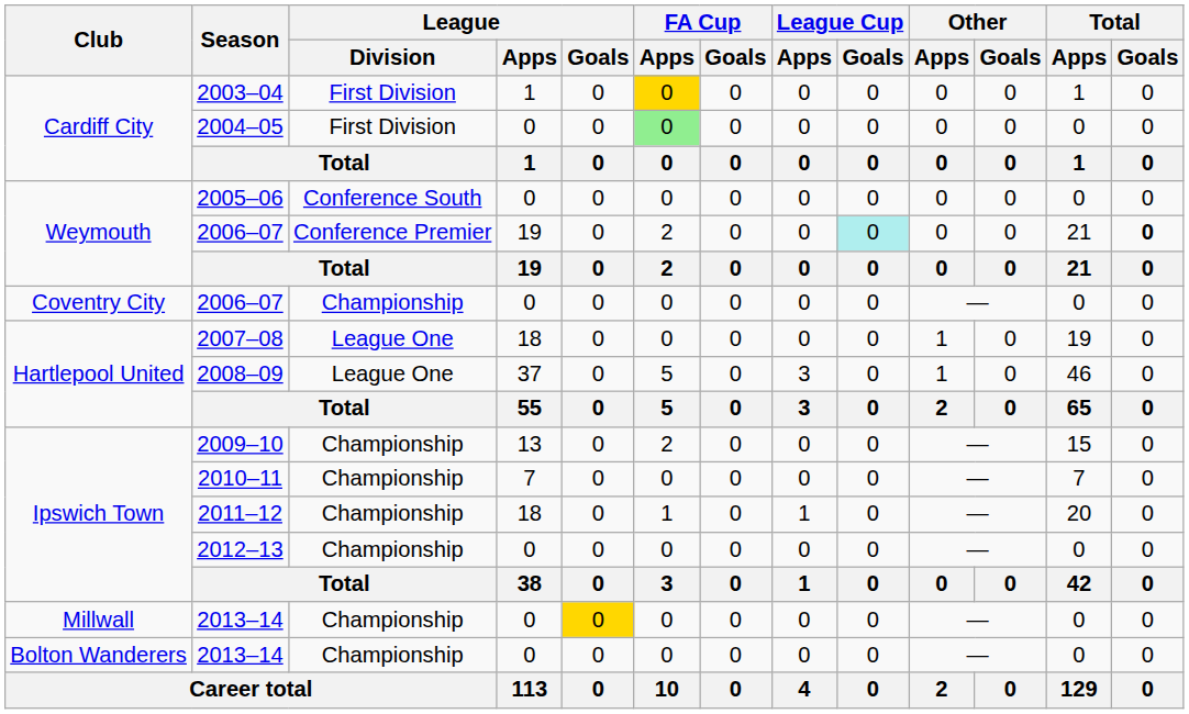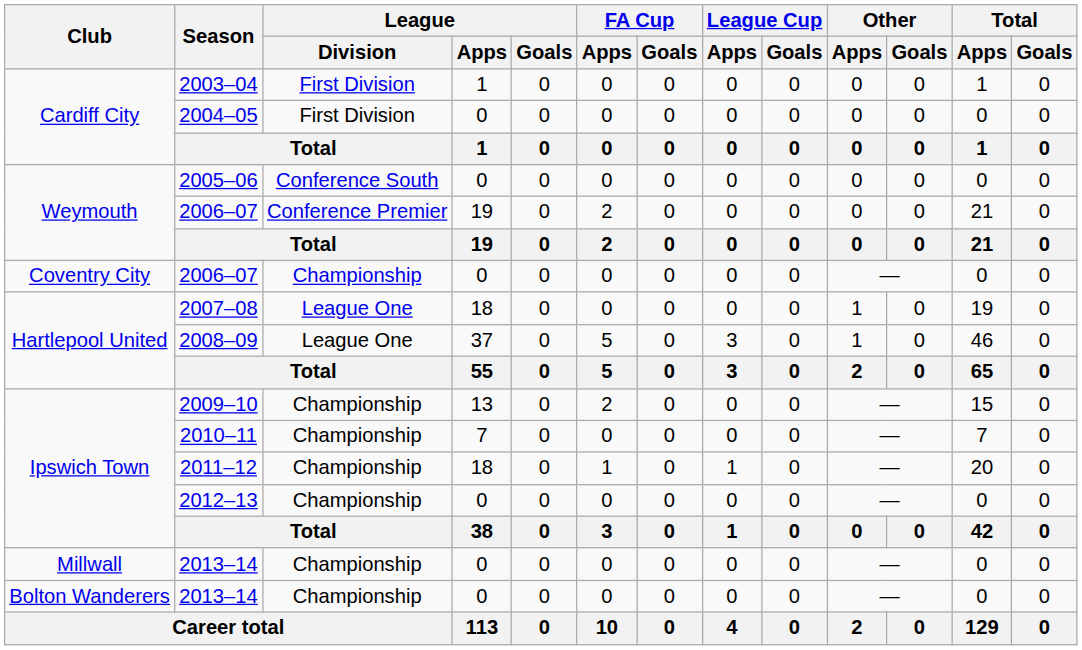 <table class=wikitable style="text-align:center;">
 <tr>
 <th rowspan=2>Club</th>
 <th rowspan=2>Season</th>
 <th colspan=3>League</th>
 <th colspan=2><a href='#'>FA Cup</a></th>
 <th colspan=2><a href='#'>League Cup</a></th>
 <th colspan=2>Other</th>
 <th colspan=2>Total</th>
 </tr>
 <tr>
 <th>Division</th>
 <th>Apps</th>
 <th>Goals</th>
 <th>Apps</th>
 <th>Goals</th>
 <th>Apps</th>
 <th>Goals</th>
 <th>Apps</th>
 <th>Goals</th>
 <th>Apps</th>
 <th>Goals</th>
 </tr>
 <tr>
 <td rowspan=3><a href='#'>Cardiff City</a></td>
 <td><a href='#'>2003–04</a></td>
 <td><a href='#'>First Division</a></td>
 <td>1</td>
 <td>0</td>
-<td style="background: gold;">0</td>
+<td>0</td>
 <td>0</td>
 <td>0</td>
 <td>0</td>
 <td>0</td>
 <td>0</td>
 <td>1</td>
 <td>0</td>
 </tr>
 <tr>
 <td><a href='#'>2004–05</a></td>
 <td>First Division</td>
 <td>0</td>
 <td>0</td>
-<td style="background: lightgreen;">0</td>
+<td>0</td>
 <td>0</td>
 <td>0</td>
 <td>0</td>
 <td>0</td>
 <td>0</td>
 <td>0</td>
 <td>0</td>
 </tr>
 <tr>
 <th colspan=2>Total</th>
 <th>1</th>
 <th>0</th>
 <th>0</th>
 <th>0</th>
 <th>0</th>
 <th>0</th>
 <th>0</th>
 <th>0</th>
 <th>1</th>
 <th>0</th>
 </tr>
 <tr>
 <td rowspan=3><a href='#'>Weymouth</a></td>
 <td><a href='#'>2005–06</a></td>
 <td><a href='#'>Conference South</a></td>
 <td>0</td>
 <td>0</td>
 <td>0</td>
 <td>0</td>
 <td>0</td>
 <td>0</td>
 <td>0</td>
 <td>0</td>
 <td>0</td>
 <td>0</td>
 </tr>
 <tr>
 <td><a href='#'>2006–07</a></td>
 <td><a href='#'>Conference Premier</a></td>
 <td>19</td>
 <td>0</td>
 <td>2</td>
 <td>0</td>
 <td>0</td>
-<td style="background: paleturquoise;">0</td>
+<td>0</td>
 <td>0</td>
 <td>0</td>
 <td>21</td>
-<td><strong>0</strong></td>
+<td>0</td>
 </tr>
 <tr>
 <th colspan=2>Total</th>
 <th>19</th>
 <th>0</th>
 <th>2</th>
 <th>0</th>
 <th>0</th>
 <th>0</th>
 <th>0</th>
 <th>0</th>
 <th>21</th>
 <th>0</th>
 </tr>
 <tr>
 <td><a href='#'>Coventry City</a></td>
 <td><a href='#'>2006–07</a></td>
 <td><a href='#'>Championship</a></td>
 <td>0</td>
 <td>0</td>
 <td>0</td>
 <td>0</td>
 <td>0</td>
 <td>0</td>
 <td colspan="2">—</td>
 <td>0</td>
 <td>0</td>
 </tr>
 <tr>
 <td rowspan=3><a href='#'>Hartlepool United</a></td>
 <td><a href='#'>2007–08</a></td>
 <td><a href='#'>League One</a></td>
 <td>18</td>
 <td>0</td>
 <td>0</td>
 <td>0</td>
 <td>0</td>
 <td>0</td>
 <td>1</td>
 <td>0</td>
 <td>19</td>
 <td>0</td>
 </tr>
 <tr>
 <td><a href='#'>2008–09</a></td>
 <td>League One</td>
 <td>37</td>
 <td>0</td>
 <td>5</td>
 <td>0</td>
 <td>3</td>
 <td>0</td>
 <td>1</td>
 <td>0</td>
 <td>46</td>
 <td>0</td>
 </tr>
 <tr>
 <th colspan=2>Total</th>
 <th>55</th>
 <th>0</th>
 <th>5</th>
 <th>0</th>
 <th>3</th>
 <th>0</th>
 <th>2</th>
 <th>0</th>
 <th>65</th>
 <th>0</th>
 </tr>
 <tr>
 <td rowspan=5><a href='#'>Ipswich Town</a></td>
 <td><a href='#'>2009–10</a></td>
 <td>Championship</td>
 <td>13</td>
 <td>0</td>
 <td>2</td>
 <td>0</td>
 <td>0</td>
 <td>0</td>
 <td colspan="2">—</td>
 <td>15</td>
 <td>0</td>
 </tr>
 <tr>
 <td><a href='#'>2010–11</a></td>
 <td>Championship</td>
 <td>7</td>
 <td>0</td>
 <td>0</td>
 <td>0</td>
 <td>0</td>
 <td>0</td>
 <td colspan="2">—</td>
 <td>7</td>
 <td>0</td>
 </tr>
 <tr>
 <td><a href='#'>2011–12</a></td>
 <td>Championship</td>
 <td>18</td>
 <td>0</td>
 <td>1</td>
 <td>0</td>
 <td>1</td>
 <td>0</td>
 <td colspan="2">—</td>
 <td>20</td>
 <td>0</td>
 </tr>
 <tr>
 <td><a href='#'>2012–13</a></td>
 <td>Championship</td>
 <td>0</td>
 <td>0</td>
 <td>0</td>
 <td>0</td>
 <td>0</td>
 <td>0</td>
 <td colspan="2">—</td>
 <td>0</td>
 <td>0</td>
 </tr>
 <tr>
 <th colspan=2>Total</th>
 <th>38</th>
 <th>0</th>
 <th>3</th>
 <th>0</th>
 <th>1</th>
 <th>0</th>
 <th>0</th>
 <th>0</th>
 <th>42</th>
 <th>0</th>
 </tr>
 <tr>
 <td><a href='#'>Millwall</a></td>
 <td><a href='#'>2013–14</a></td>
 <td>Championship</td>
 <td>0</td>
-<td style="background: gold;">0</td>
+<td>0</td>
 <td>0</td>
 <td>0</td>
 <td>0</td>
 <td>0</td>
 <td colspan="2">—</td>
 <td>0</td>
 <td>0</td>
 </tr>
 <tr>
 <td><a href='#'>Bolton Wanderers</a></td>
 <td><a href='#'>2013–14</a></td>
 <td>Championship</td>
 <td>0</td>
 <td>0</td>
 <td>0</td>
 <td>0</td>
 <td>0</td>
 <td>0</td>
 <td colspan="2">—</td>
 <td>0</td>
 <td>0</td>
 </tr>
 <tr>
 <th colspan=3>Career total</th>
 <th>113</th>
 <th>0</th>
 <th>10</th>
 <th>0</th>
 <th>4</th>
 <th>0</th>
 <th>2</th>
 <th>0</th>
 <th>129</th>
 <th>0</th>
 </tr>
 </table>
